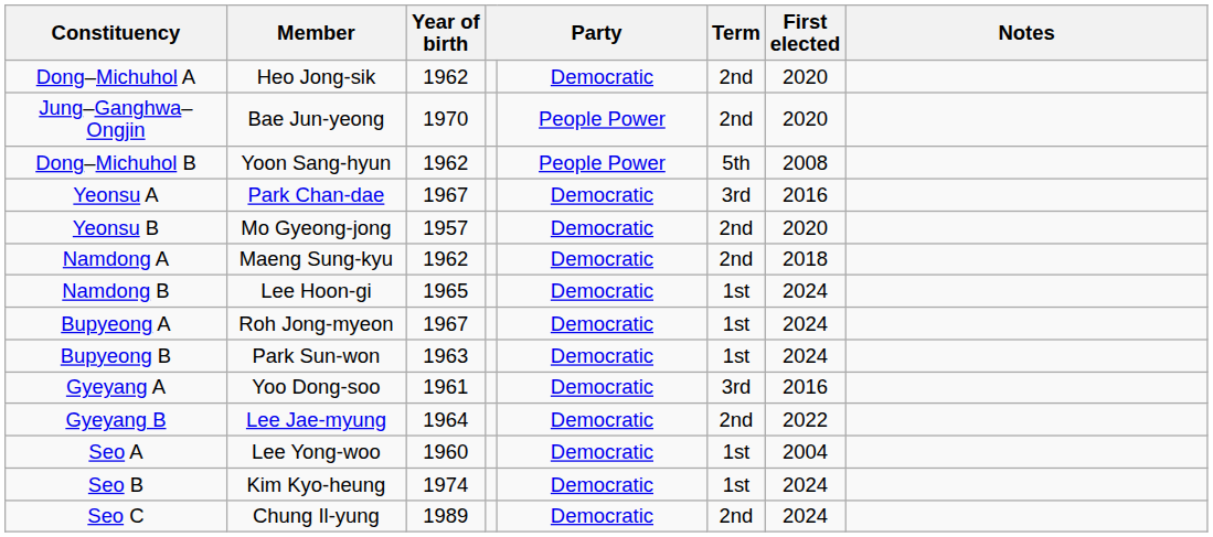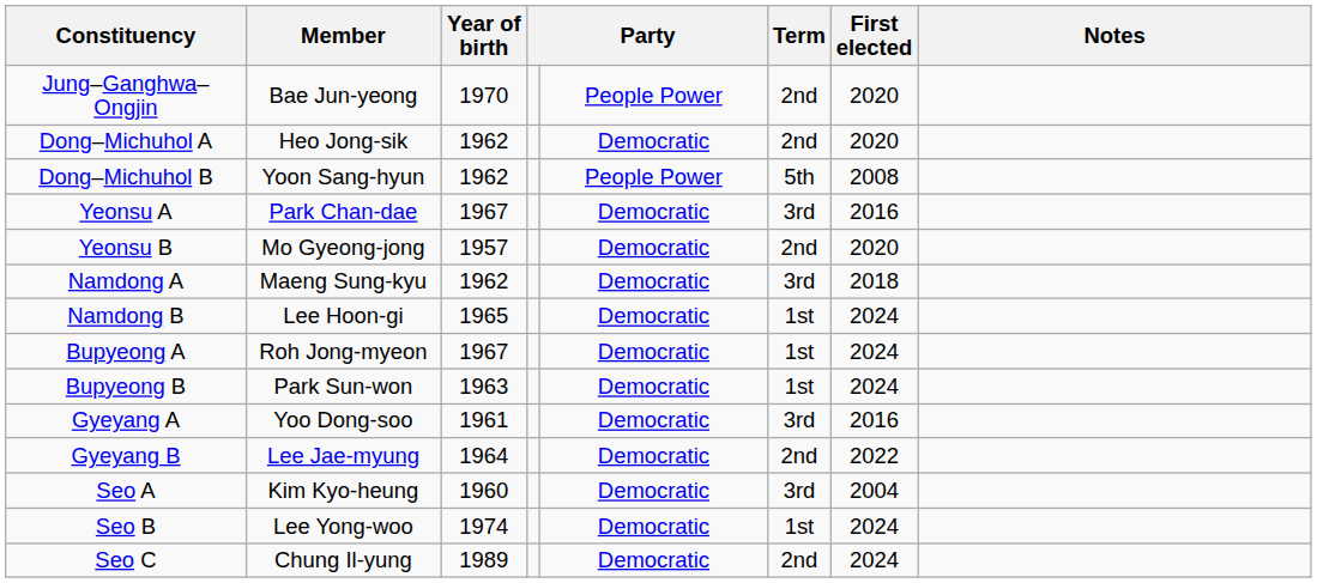 <table class="wikitable sortable" style="font-size:90%; text-align:center">
 <tr>
 <th scope="col" style="width:150px;">Constituency</th>
 <th scope="col" style="width:120px;">Member</th>
 <th scope="col" style="width:50px;">Year of birth</th>
 <th scope="col" style="width:150px;" colspan="2">Party</th>
 <th scope="col" style="width:20px;">Term</th>
 <th scope="col" style="width:50px;">First elected</th>
 <th scope="col" style="width:250px;" class="unsortable">Notes</th>
 </tr>
 <tr>
+<td><a href='#'>Jung</a>–<a href='#'>Ganghwa</a>–<a href='#'>Ongjin</a></td>
+<td>Bae Jun-yeong</td>
+<td>1970</td>
+<td scope="row" width="1" style="background-color:"></td>
+<td><a href='#'>People Power</a></td>
+<td>2nd</td>
+<td>2020</td>
+<td></td>
+</tr>
+<tr>
 <td><a href='#'>Dong</a>–<a href='#'>Michuhol</a> A</td>
 <td>Heo Jong-sik</td>
 <td>1962</td>
 <td scope="row" style="background-color:"></td>
 <td><a href='#'>Democratic</a></td>
-<td>2nd</td>
-<td>2020</td>
-<td></td>
-</tr>
-<tr>
-<td><a href='#'>Jung</a>–<a href='#'>Ganghwa</a>–<a href='#'>Ongjin</a></td>
-<td>Bae Jun-yeong</td>
-<td>1970</td>
-<td scope="row" width="1" style="background-color:"></td>
-<td><a href='#'>People Power</a></td>
 <td>2nd</td>
 <td>2020</td>
 <td></td>
 </tr>
 <tr>
 <td><a href='#'>Dong</a>–<a href='#'>Michuhol</a> B</td>
 <td>Yoon Sang-hyun</td>
 <td>1962</td>
 <td scope="row" style="background-color:"></td>
 <td><a href='#'>People Power</a></td>
 <td>5th</td>
 <td>2008</td>
 <td></td>
 </tr>
 <tr>
 <td><a href='#'>Yeonsu</a> A</td>
 <td><a href='#'>Park Chan-dae</a></td>
 <td>1967</td>
 <td scope="row" style="background-color:"></td>
 <td><a href='#'>Democratic</a></td>
 <td>3rd</td>
 <td>2016</td>
 <td></td>
 </tr>
 <tr>
 <td><a href='#'>Yeonsu</a> B</td>
 <td>Mo Gyeong-jong</td>
 <td>1957</td>
 <td scope="row" style="background-color:"></td>
 <td><a href='#'>Democratic</a></td>
 <td>2nd</td>
 <td>2020</td>
 <td></td>
 </tr>
 <tr>
 <td><a href='#'>Namdong</a> A</td>
 <td>Maeng Sung-kyu</td>
 <td>1962</td>
 <td scope="row" style="background-color:"></td>
 <td><a href='#'>Democratic</a></td>
-<td>2nd</td>
+<td>3rd</td>
 <td>2018</td>
 <td></td>
 </tr>
 <tr>
 <td><a href='#'>Namdong</a> B</td>
 <td>Lee Hoon-gi</td>
 <td>1965</td>
 <td scope="row" style="background-color:"></td>
 <td><a href='#'>Democratic</a></td>
 <td>1st</td>
 <td>2024</td>
 <td></td>
 </tr>
 <tr>
 <td><a href='#'>Bupyeong</a> A</td>
 <td>Roh Jong-myeon</td>
 <td>1967</td>
 <td scope="row" style="background-color:"></td>
 <td><a href='#'>Democratic</a></td>
 <td>1st</td>
 <td>2024</td>
 <td></td>
 </tr>
 <tr>
 <td><a href='#'>Bupyeong</a> B</td>
 <td>Park Sun-won</td>
 <td>1963</td>
 <td scope="row" style="background-color:"></td>
 <td><a href='#'>Democratic</a></td>
 <td>1st</td>
 <td>2024</td>
 <td></td>
 </tr>
 <tr>
 <td><a href='#'>Gyeyang</a> A</td>
 <td>Yoo Dong-soo</td>
 <td>1961</td>
 <td scope="row" style="background-color:"></td>
 <td><a href='#'>Democratic</a></td>
 <td>3rd</td>
 <td>2016</td>
 <td></td>
 </tr>
 <tr>
 <td><a href='#'>Gyeyang B</a></td>
 <td><a href='#'>Lee Jae-myung</a></td>
 <td>1964</td>
 <td scope="row" style="background-color:"></td>
 <td><a href='#'>Democratic</a></td>
 <td>2nd</td>
 <td>2022</td>
 <td></td>
 </tr>
 <tr>
 <td><a href='#'>Seo</a> A</td>
-<td>Lee Yong-woo</td>
+<td>Kim Kyo-heung</td>
 <td>1960</td>
 <td scope="row" style="background-color:"></td>
 <td><a href='#'>Democratic</a></td>
-<td>1st</td>
+<td>3rd</td>
 <td>2004</td>
 <td></td>
 </tr>
 <tr>
 <td><a href='#'>Seo</a> B</td>
-<td>Kim Kyo-heung</td>
+<td>Lee Yong-woo</td>
 <td>1974</td>
 <td scope="row" style="background-color:"></td>
 <td><a href='#'>Democratic</a></td>
 <td>1st</td>
 <td>2024</td>
 <td></td>
 </tr>
 <tr>
 <td><a href='#'>Seo</a> C</td>
 <td>Chung Il-yung</td>
 <td>1989</td>
 <td scope="row" style="background-color:"></td>
 <td><a href='#'>Democratic</a></td>
 <td>2nd</td>
 <td>2024</td>
 <td></td>
 </tr>
 </table>
